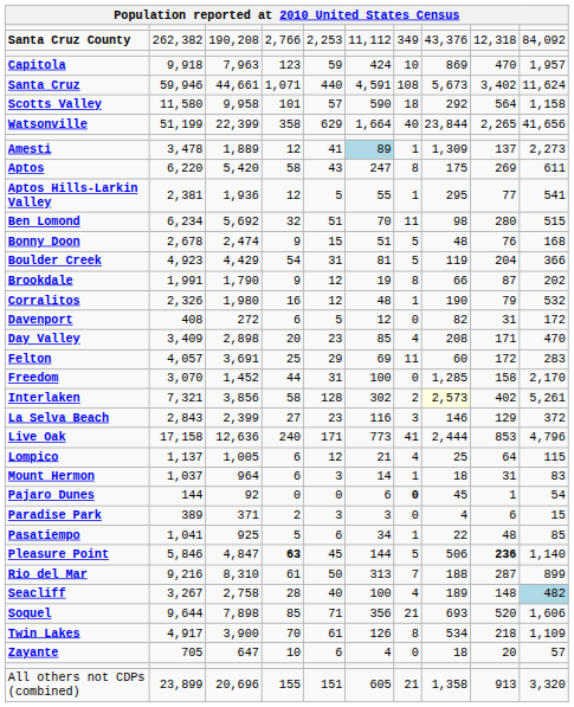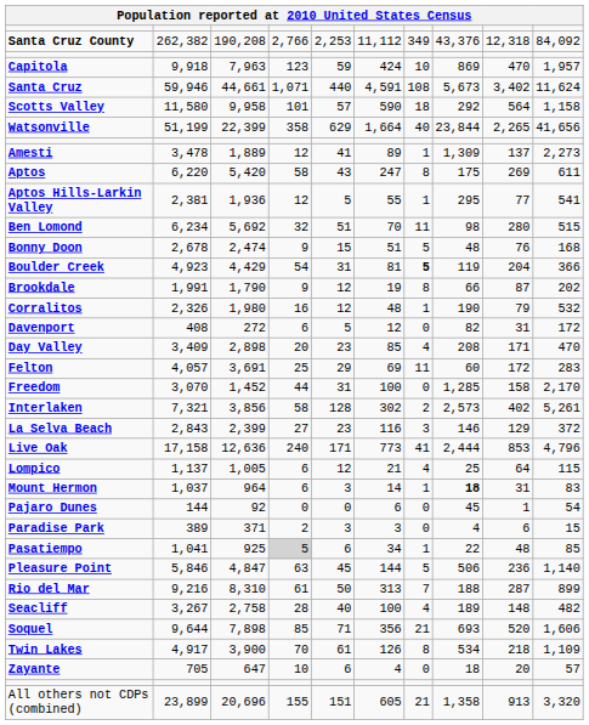 <table class="wikitable collapsible collapsed">
 <tr>
 <th colspan=10>Population reported at <a href='#'>2010 United States Census</a></th>
 </tr>
 <tr>
 <td></td>
 <td></td>
 <td></td>
 <td></td>
 <td></td>
 <td></td>
 <td></td>
 <td></td>
 <td></td>
 <td></td>
 </tr>
 <tr>
 <td><strong> Santa Cruz County</strong></td>
 <td align="right">262,382</td>
 <td align="right">190,208</td>
 <td align="right">2,766</td>
 <td align="right">2,253</td>
 <td align="right">11,112</td>
 <td align="right">349</td>
 <td align="right">43,376</td>
 <td align="right">12,318</td>
 <td align="right">84,092</td>
 </tr>
 <tr>
 <td></td>
 <td></td>
 <td></td>
 <td></td>
 <td></td>
 <td></td>
 <td></td>
 <td></td>
 <td></td>
 <td></td>
 </tr>
 <tr>
 <td><strong><a href='#'>Capitola</a></strong></td>
 <td align="right">9,918</td>
 <td align="right">7,963</td>
 <td align="right">123</td>
 <td align="right">59</td>
 <td align="right">424</td>
 <td align="right">10</td>
 <td align="right">869</td>
 <td align="right">470</td>
 <td align="right">1,957</td>
 </tr>
 <tr>
 <td><strong><a href='#'>Santa Cruz</a></strong></td>
 <td align="right">59,946</td>
 <td align="right">44,661</td>
 <td align="right">1,071</td>
 <td align="right">440</td>
 <td align="right">4,591</td>
 <td align="right">108</td>
 <td align="right">5,673</td>
 <td align="right">3,402</td>
 <td align="right">11,624</td>
 </tr>
 <tr>
 <td><strong><a href='#'>Scotts Valley</a></strong></td>
 <td align="right">11,580</td>
 <td align="right">9,958</td>
 <td align="right">101</td>
 <td align="right">57</td>
 <td align="right">590</td>
 <td align="right">18</td>
 <td align="right">292</td>
 <td align="right">564</td>
 <td align="right">1,158</td>
 </tr>
 <tr>
 <td><strong><a href='#'>Watsonville</a></strong></td>
 <td align="right">51,199</td>
 <td align="right">22,399</td>
 <td align="right">358</td>
 <td align="right">629</td>
 <td align="right">1,664</td>
 <td align="right">40</td>
 <td align="right">23,844</td>
 <td align="right">2,265</td>
 <td align="right">41,656</td>
 </tr>
 <tr>
 <td></td>
 <td></td>
 <td></td>
 <td></td>
 <td></td>
 <td></td>
 <td></td>
 <td></td>
 <td></td>
 <td></td>
 </tr>
 <tr>
 <td><strong><a href='#'>Amesti</a></strong></td>
 <td align="right">3,478</td>
 <td align="right">1,889</td>
 <td align="right">12</td>
 <td align="right">41</td>
-<td align="right" style="background: lightblue;">89</td>
+<td align="right">89</td>
 <td align="right">1</td>
 <td align="right">1,309</td>
 <td align="right">137</td>
 <td align="right">2,273</td>
 </tr>
 <tr>
 <td><strong><a href='#'>Aptos</a></strong></td>
 <td align="right">6,220</td>
 <td align="right">5,420</td>
 <td align="right">58</td>
 <td align="right">43</td>
 <td align="right">247</td>
 <td align="right">8</td>
 <td align="right">175</td>
 <td align="right">269</td>
 <td align="right">611</td>
 </tr>
 <tr>
 <td><strong><a href='#'>Aptos Hills-Larkin Valley</a></strong></td>
 <td align="right">2,381</td>
 <td align="right">1,936</td>
 <td align="right">12</td>
 <td align="right">5</td>
 <td align="right">55</td>
 <td align="right">1</td>
 <td align="right">295</td>
 <td align="right">77</td>
 <td align="right">541</td>
 </tr>
 <tr>
 <td><strong><a href='#'>Ben Lomond</a></strong></td>
 <td align="right">6,234</td>
 <td align="right">5,692</td>
 <td align="right">32</td>
 <td align="right">51</td>
 <td align="right">70</td>
 <td align="right">11</td>
 <td align="right">98</td>
 <td align="right">280</td>
 <td align="right">515</td>
 </tr>
 <tr>
 <td><strong><a href='#'>Bonny Doon</a></strong></td>
 <td align="right">2,678</td>
 <td align="right">2,474</td>
 <td align="right">9</td>
 <td align="right">15</td>
 <td align="right">51</td>
 <td align="right">5</td>
 <td align="right">48</td>
 <td align="right">76</td>
 <td align="right">168</td>
 </tr>
 <tr>
 <td><strong><a href='#'>Boulder Creek</a></strong></td>
 <td align="right">4,923</td>
 <td align="right">4,429</td>
 <td align="right">54</td>
 <td align="right">31</td>
 <td align="right">81</td>
-<td align="right">5</td>
+<td align="right"><strong>5</strong></td>
 <td align="right">119</td>
 <td align="right">204</td>
 <td align="right">366</td>
 </tr>
 <tr>
 <td><strong><a href='#'>Brookdale</a></strong></td>
 <td align="right">1,991</td>
 <td align="right">1,790</td>
 <td align="right">9</td>
 <td align="right">12</td>
 <td align="right">19</td>
 <td align="right">8</td>
 <td align="right">66</td>
 <td align="right">87</td>
 <td align="right">202</td>
 </tr>
 <tr>
 <td><strong><a href='#'>Corralitos</a></strong></td>
 <td align="right">2,326</td>
 <td align="right">1,980</td>
 <td align="right">16</td>
 <td align="right">12</td>
 <td align="right">48</td>
 <td align="right">1</td>
 <td align="right">190</td>
 <td align="right">79</td>
 <td align="right">532</td>
 </tr>
 <tr>
 <td><strong><a href='#'>Davenport</a></strong></td>
 <td align="right">408</td>
 <td align="right">272</td>
 <td align="right">6</td>
 <td align="right">5</td>
 <td align="right">12</td>
 <td align="right">0</td>
 <td align="right">82</td>
 <td align="right">31</td>
 <td align="right">172</td>
 </tr>
 <tr>
 <td><strong><a href='#'>Day Valley</a></strong></td>
 <td align="right">3,409</td>
 <td align="right">2,898</td>
 <td align="right">20</td>
 <td align="right">23</td>
 <td align="right">85</td>
 <td align="right">4</td>
 <td align="right">208</td>
 <td align="right">171</td>
 <td align="right">470</td>
 </tr>
 <tr>
 <td><strong><a href='#'>Felton</a></strong></td>
 <td align="right">4,057</td>
 <td align="right">3,691</td>
 <td align="right">25</td>
 <td align="right">29</td>
 <td align="right">69</td>
 <td align="right">11</td>
 <td align="right">60</td>
 <td align="right">172</td>
 <td align="right">283</td>
 </tr>
 <tr>
 <td><strong><a href='#'>Freedom</a></strong></td>
 <td align="right">3,070</td>
 <td align="right">1,452</td>
 <td align="right">44</td>
 <td align="right">31</td>
 <td align="right">100</td>
 <td align="right">0</td>
 <td align="right">1,285</td>
 <td align="right">158</td>
 <td align="right">2,170</td>
 </tr>
 <tr>
 <td><strong><a href='#'>Interlaken</a></strong></td>
 <td align="right">7,321</td>
 <td align="right">3,856</td>
 <td align="right">58</td>
 <td align="right">128</td>
 <td align="right">302</td>
 <td align="right">2</td>
-<td align="right" style="background: lightyellow;">2,573</td>
+<td align="right">2,573</td>
 <td align="right">402</td>
 <td align="right">5,261</td>
 </tr>
 <tr>
 <td><strong><a href='#'>La Selva Beach</a></strong></td>
 <td align="right">2,843</td>
 <td align="right">2,399</td>
 <td align="right">27</td>
 <td align="right">23</td>
 <td align="right">116</td>
 <td align="right">3</td>
 <td align="right">146</td>
 <td align="right">129</td>
 <td align="right">372</td>
 </tr>
 <tr>
 <td><strong><a href='#'>Live Oak</a></strong></td>
 <td align="right">17,158</td>
 <td align="right">12,636</td>
 <td align="right">240</td>
 <td align="right">171</td>
 <td align="right">773</td>
 <td align="right">41</td>
 <td align="right">2,444</td>
 <td align="right">853</td>
 <td align="right">4,796</td>
 </tr>
 <tr>
 <td><strong><a href='#'>Lompico</a></strong></td>
 <td align="right">1,137</td>
 <td align="right">1,005</td>
 <td align="right">6</td>
 <td align="right">12</td>
 <td align="right">21</td>
 <td align="right">4</td>
 <td align="right">25</td>
 <td align="right">64</td>
 <td align="right">115</td>
 </tr>
 <tr>
 <td><strong><a href='#'>Mount Hermon</a></strong></td>
 <td align="right">1,037</td>
 <td align="right">964</td>
 <td align="right">6</td>
 <td align="right">3</td>
 <td align="right">14</td>
 <td align="right">1</td>
-<td align="right">18</td>
+<td align="right"><strong>18</strong></td>
 <td align="right">31</td>
 <td align="right">83</td>
 </tr>
 <tr>
 <td><strong><a href='#'>Pajaro Dunes</a></strong></td>
 <td align="right">144</td>
 <td align="right">92</td>
 <td align="right">0</td>
 <td align="right">0</td>
 <td align="right">6</td>
-<td align="right"><strong>0</strong></td>
+<td align="right">0</td>
 <td align="right">45</td>
 <td align="right">1</td>
 <td align="right">54</td>
 </tr>
 <tr>
 <td><strong><a href='#'>Paradise Park</a></strong></td>
 <td align="right">389</td>
 <td align="right">371</td>
 <td align="right">2</td>
 <td align="right">3</td>
 <td align="right">3</td>
 <td align="right">0</td>
 <td align="right">4</td>
 <td align="right">6</td>
 <td align="right">15</td>
 </tr>
 <tr>
 <td><strong><a href='#'>Pasatiempo</a></strong></td>
 <td align="right">1,041</td>
 <td align="right">925</td>
-<td align="right">5</td>
+<td align="right" style="background: lightgrey;">5</td>
 <td align="right">6</td>
 <td align="right">34</td>
 <td align="right">1</td>
 <td align="right">22</td>
 <td align="right">48</td>
 <td align="right">85</td>
 </tr>
 <tr>
 <td><strong><a href='#'>Pleasure Point</a></strong></td>
 <td align="right">5,846</td>
 <td align="right">4,847</td>
-<td align="right"><strong>63</strong></td>
+<td align="right">63</td>
 <td align="right">45</td>
 <td align="right">144</td>
 <td align="right">5</td>
 <td align="right">506</td>
-<td align="right"><strong>236</strong></td>
+<td align="right">236</td>
 <td align="right">1,140</td>
 </tr>
 <tr>
 <td><strong><a href='#'>Rio del Mar</a></strong></td>
 <td align="right">9,216</td>
 <td align="right">8,310</td>
 <td align="right">61</td>
 <td align="right">50</td>
 <td align="right">313</td>
 <td align="right">7</td>
 <td align="right">188</td>
 <td align="right">287</td>
 <td align="right">899</td>
 </tr>
 <tr>
 <td><strong><a href='#'>Seacliff</a></strong></td>
 <td align="right">3,267</td>
 <td align="right">2,758</td>
 <td align="right">28</td>
 <td align="right">40</td>
 <td align="right">100</td>
 <td align="right">4</td>
 <td align="right">189</td>
 <td align="right">148</td>
-<td align="right" style="background: lightblue;">482</td>
+<td align="right">482</td>
 </tr>
 <tr>
 <td><strong><a href='#'>Soquel</a></strong></td>
 <td align="right">9,644</td>
 <td align="right">7,898</td>
 <td align="right">85</td>
 <td align="right">71</td>
 <td align="right">356</td>
 <td align="right">21</td>
 <td align="right">693</td>
 <td align="right">520</td>
 <td align="right">1,606</td>
 </tr>
 <tr>
 <td><strong><a href='#'>Twin Lakes</a></strong></td>
 <td align="right">4,917</td>
 <td align="right">3,900</td>
 <td align="right">70</td>
 <td align="right">61</td>
 <td align="right">126</td>
 <td align="right">8</td>
 <td align="right">534</td>
 <td align="right">218</td>
 <td align="right">1,109</td>
 </tr>
 <tr>
 <td><strong><a href='#'>Zayante</a></strong></td>
 <td align="right">705</td>
 <td align="right">647</td>
 <td align="right">10</td>
 <td align="right">6</td>
 <td align="right">4</td>
 <td align="right">0</td>
 <td align="right">18</td>
 <td align="right">20</td>
 <td align="right">57</td>
 </tr>
 <tr>
 <td></td>
 <td></td>
 <td></td>
 <td></td>
 <td></td>
 <td></td>
 <td></td>
 <td></td>
 <td></td>
 <td></td>
 </tr>
 <tr>
 <td>All others not CDPs (combined)</td>
 <td align="right">23,899</td>
 <td align="right">20,696</td>
 <td align="right">155</td>
 <td align="right">151</td>
 <td align="right">605</td>
 <td align="right">21</td>
 <td align="right">1,358</td>
 <td align="right">913</td>
 <td align="right">3,320</td>
 </tr>
 </table>
